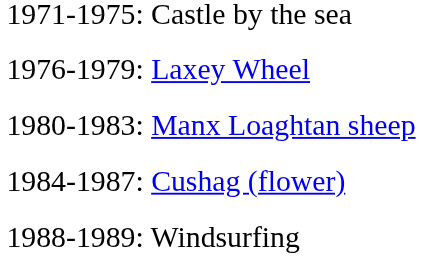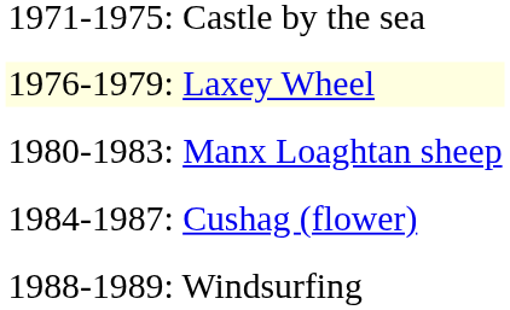 <table cellspacing="10px">
 <tr valign="top">
 <td>1971-1975: Castle by the sea<br></td>
 </tr>
 <tr valign="top">
-<td>1976-1979: <a href='#'>Laxey Wheel</a><br></td>
+<td style="background: lightyellow;">1976-1979: <a href='#'>Laxey Wheel</a><br></td>
 </tr>
 <tr valign="top">
 <td>1980-1983: <a href='#'>Manx Loaghtan sheep</a><br></td>
 </tr>
 <tr valign="top">
 <td>1984-1987: <a href='#'>Cushag (flower)</a><br></td>
 </tr>
 <tr valign="top">
 <td>1988-1989: Windsurfing<br></td>
 </tr>
 </table>
